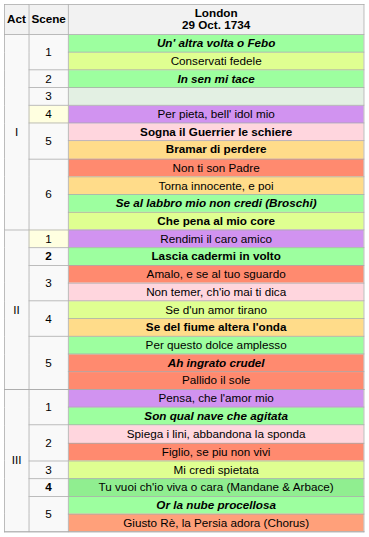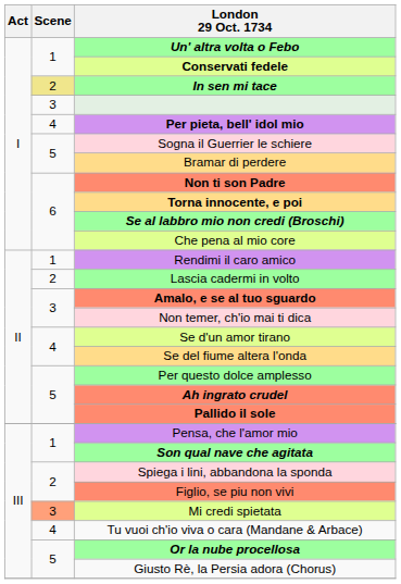 <table class="wikitable" style="text-align:center; font-size:95%; line-height:16px; width:37%">
 <tr>
 <th scope="col" style="width:5.5%">Act</th>
 <th scope="col" style="width:5.5%">Scene</th>
 <th scope="col">London<br> 29 Oct. 1734</th>
 </tr>
 <tr>
 <td rowspan="11">I</td>
 <td rowspan="2">1</td>
 <td style="background-color:#9DFF9F;"><strong><em>Un' altra volta o Febo</em></strong></td>
 </tr>
 <tr>
-<td style="background-color:#DFFF91;">Conservati fedele</td>
+<td style="background-color:#DFFF91;"><strong>Conservati fedele</strong></td>
 </tr>
 <tr>
-<td>2</td>
+<td style="background: khaki;">2</td>
 <td style="background-color:#9DFF9F;"><strong><em>In sen mi tace</em></strong></td>
 </tr>
 <tr>
 <td>3</td>
 <td style="background-color:#E3F0E3;"></td>
 </tr>
 <tr>
-<td style="background: lightyellow;">4</td>
-<td style="background-color:#D193F0;">Per pieta, bell' idol mio</td>
+<td>4</td>
+<td style="background-color:#D193F0;"><strong>Per pieta, bell' idol mio</strong></td>
 </tr>
 <tr>
 <td rowspan="2">5</td>
-<td style="background-color:#FFD6DE;"><strong>Sogna il Guerrier le schiere</strong></td>
+<td style="background-color:#FFD6DE;">Sogna il Guerrier le schiere</td>
 </tr>
 <tr>
-<td style="background-color:#FFDC8A;"><strong>Bramar di perdere</strong></td>
+<td style="background-color:#FFDC8A;">Bramar di perdere</td>
 </tr>
 <tr>
 <td rowspan="4">6</td>
-<td style="background-color:#FF8A6F;">Non ti son Padre</td>
+<td style="background-color:#FF8A6F;"><strong>Non ti son Padre</strong></td>
 </tr>
 <tr>
-<td style="background-color:#FFDC8A;">Torna innocente, e poi</td>
+<td style="background-color:#FFDC8A;"><strong>Torna innocente, e poi</strong></td>
 </tr>
 <tr>
 <td style="background-color:#9DFF9F;"><strong><em>Se al labbro mio non credi (Broschi)</em></strong></td>
 </tr>
 <tr>
-<td style="background-color:#DFFF91;"><strong>Che pena al mio core</strong></td>
+<td style="background-color:#DFFF91;">Che pena al mio core</td>
 </tr>
 <tr>
 <td rowspan="9">II</td>
-<td style="background: lightyellow;">1</td>
+<td>1</td>
 <td style="background-color:#D193F0;">Rendimi il caro amico</td>
 </tr>
 <tr>
-<td><strong>2</strong></td>
-<td style="background-color:#9DFF9F;"><strong>Lascia cadermi in volto</strong></td>
+<td>2</td>
+<td style="background-color:#9DFF9F;">Lascia cadermi in volto</td>
 </tr>
 <tr>
 <td rowspan="2">3</td>
-<td style="background-color:#FF8A6F;">Amalo, e se al tuo sguardo</td>
+<td style="background-color:#FF8A6F;"><strong>Amalo, e se al tuo sguardo</strong></td>
 </tr>
 <tr>
 <td style="background-color:#FFD6DE;">Non temer, ch'io mai ti dica</td>
 </tr>
 <tr>
 <td rowspan="2">4</td>
 <td style="background-color:#DFFF91;">Se d'un amor tirano</td>
 </tr>
 <tr>
-<td style="background-color:#FFDC8A;"><strong>Se del fiume altera l'onda</strong></td>
+<td style="background-color:#FFDC8A;">Se del fiume altera l'onda</td>
 </tr>
 <tr>
 <td rowspan="3">5</td>
 <td style="background-color:#9DFF9F;">Per questo dolce amplesso</td>
 </tr>
 <tr>
 <td style="background-color:#FF8A6F;"><strong><em>Ah ingrato crudel</em></strong></td>
 </tr>
 <tr>
-<td style="background-color:#FF8A6F;">Pallido il sole</td>
+<td style="background-color:#FF8A6F;"><strong>Pallido il sole</strong></td>
 </tr>
 <tr>
 </tr>
 <tr>
 <td rowspan="8">III</td>
 <td rowspan="2">1</td>
 <td style="background-color:#D193F0;">Pensa, che l'amor mio</td>
 </tr>
 <tr>
 <td style="background-color:#9DFF9F;"><strong><em>Son qual nave che agitata</em></strong></td>
 </tr>
 <tr>
 <td rowspan="2">2</td>
 <td style="background-color:#FFD6DE;">Spiega i lini, abbandona la sponda</td>
 </tr>
 <tr>
 <td style="background-color:#FF8A6F;">Figlio, se piu non vivi</td>
 </tr>
 <tr>
-<td>3</td>
+<td style="background: lightsalmon;">3</td>
 <td style="background-color:#DFFF91;">Mi credi spietata</td>
 </tr>
 <tr>
-<td><strong>4</strong></td>
-<td style="background: lightgreen;">Tu vuoi ch'io viva o cara (Mandane & Arbace)</td>
+<td>4</td>
+<td>Tu vuoi ch'io viva o cara (Mandane & Arbace)</td>
 </tr>
 <tr>
 <td rowspan="2">5</td>
 <td style="background-color:#9DFF9F;"><strong><em>Or la nube procellosa</em></strong></td>
 </tr>
 <tr>
-<td style="background: lightsalmon;">Giusto Rè, la Persia adora (Chorus)</td>
+<td>Giusto Rè, la Persia adora (Chorus)</td>
 </tr>
 <tr>
 </tr>
 </table>
